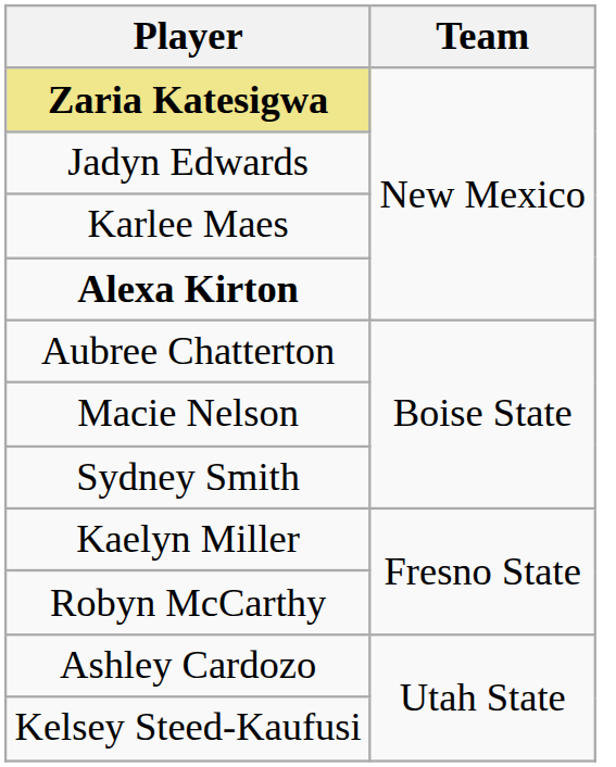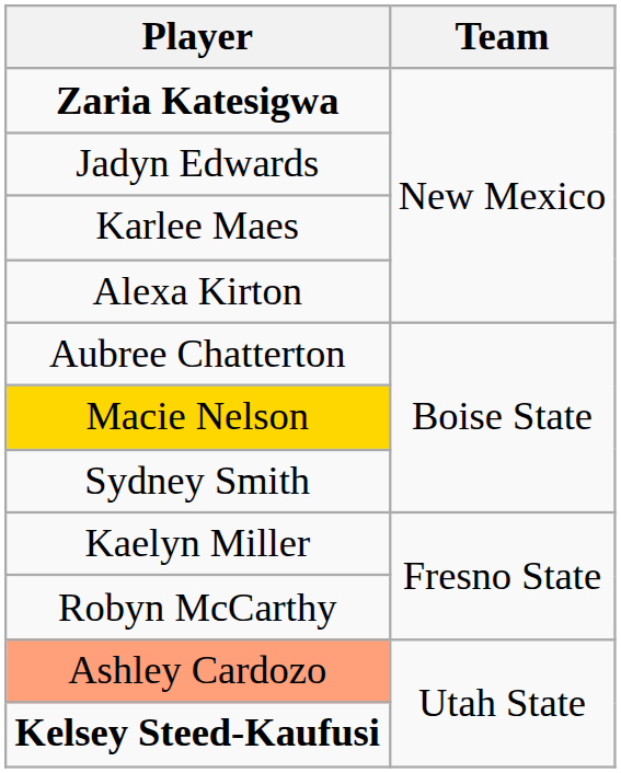 <table class="wikitable" style="text-align: center;">
 <tr>
 <th>Player</th>
 <th>Team</th>
 </tr>
 <tr>
-<td style="background: khaki;"><strong>Zaria Katesigwa</strong></td>
+<td><strong>Zaria Katesigwa</strong></td>
 <td rowspan=4>New Mexico</td>
 </tr>
 <tr>
 <td>Jadyn Edwards</td>
 </tr>
 <tr>
 <td>Karlee Maes</td>
 </tr>
 <tr>
-<td><strong>Alexa Kirton</strong></td>
+<td>Alexa Kirton</td>
 </tr>
 <tr>
 <td>Aubree Chatterton</td>
 <td rowspan=3>Boise State</td>
 </tr>
 <tr>
-<td>Macie Nelson</td>
+<td style="background: gold;">Macie Nelson</td>
 </tr>
 <tr>
 <td>Sydney Smith</td>
 </tr>
 <tr>
 <td>Kaelyn Miller</td>
 <td rowspan=2>Fresno State</td>
 </tr>
 <tr>
 <td>Robyn McCarthy</td>
 </tr>
 <tr>
-<td>Ashley Cardozo</td>
+<td style="background: lightsalmon;">Ashley Cardozo</td>
 <td rowspan=2>Utah State</td>
 </tr>
 <tr>
-<td>Kelsey Steed-Kaufusi</td>
+<td><strong>Kelsey Steed-Kaufusi</strong></td>
 </tr>
 </table>
